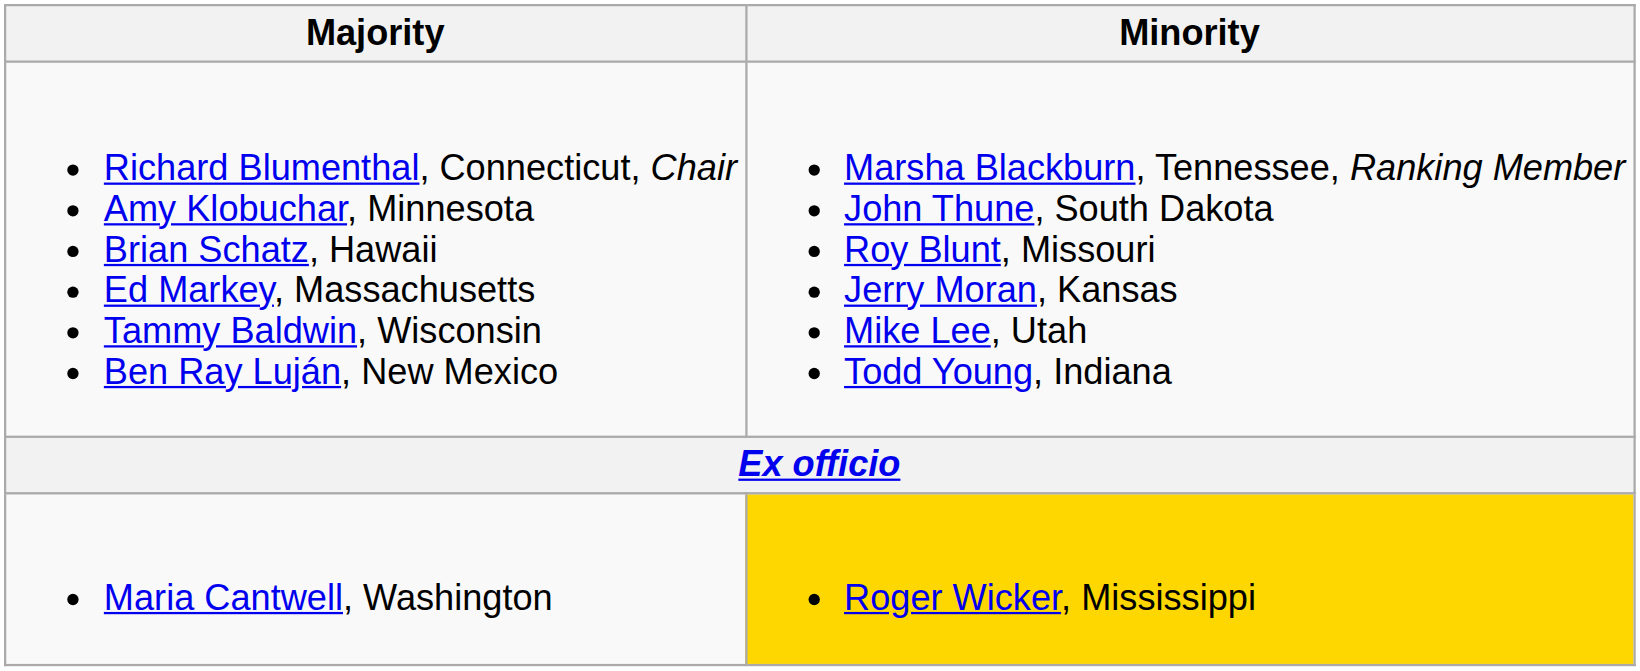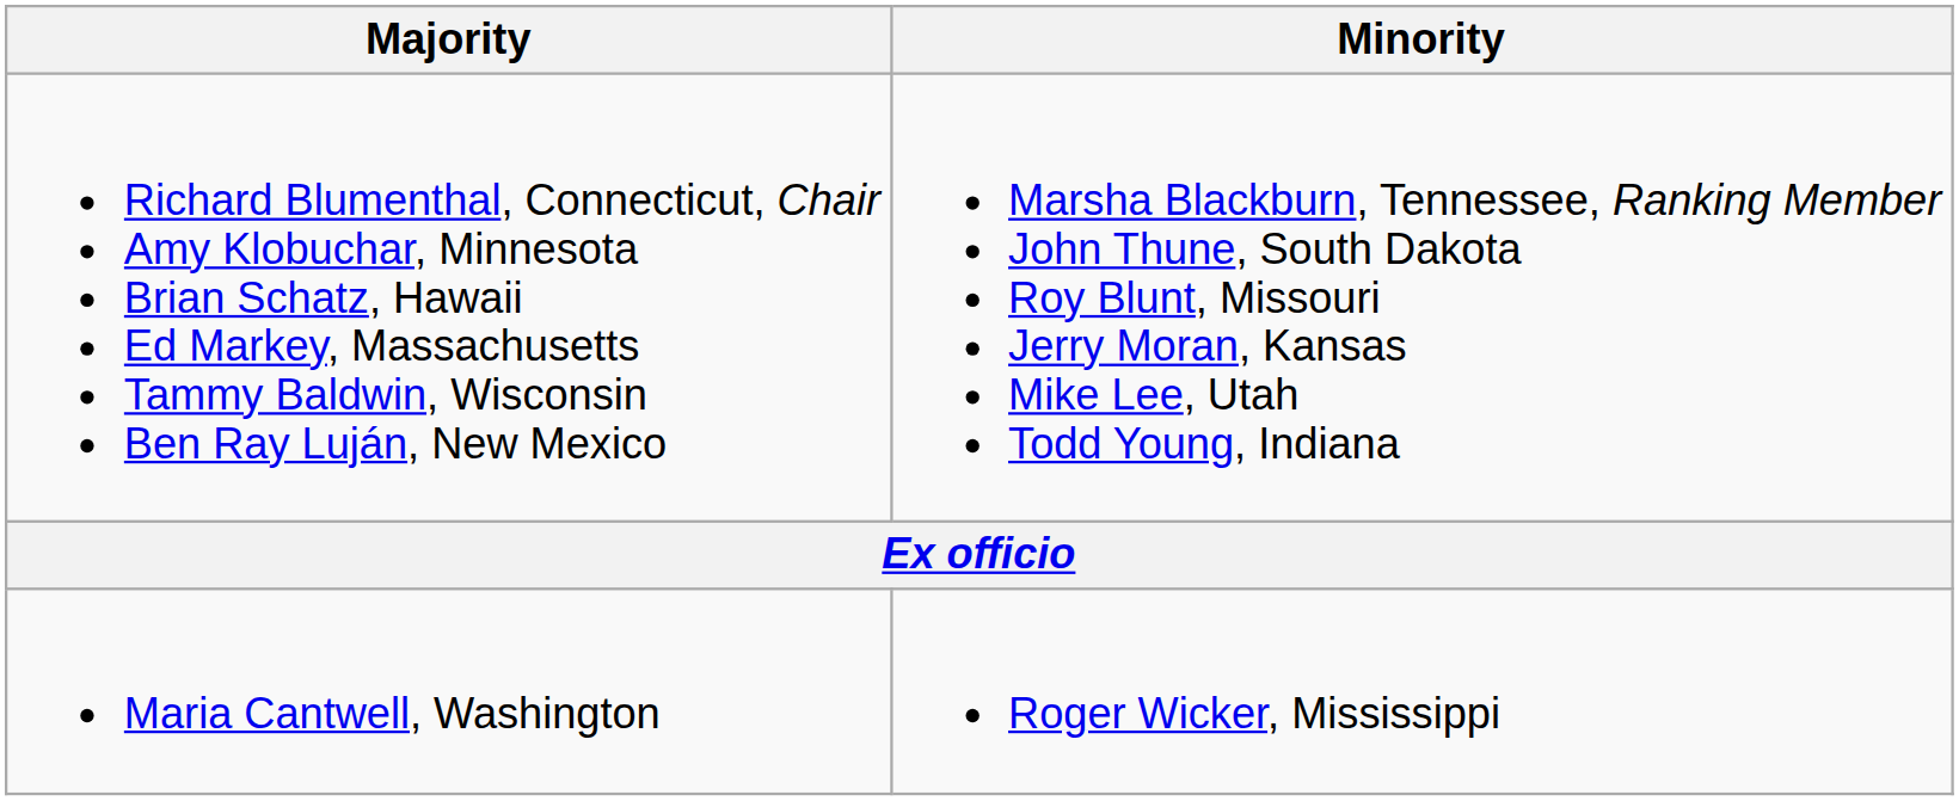 <table class=wikitable>
 <tr>
 <th>Majority</th>
 <th>Minority</th>
 </tr>
 <tr>
 <td><br><ul><li><a href='#'>Richard Blumenthal</a>, Connecticut, <em>Chair</em></li><li><a href='#'>Amy Klobuchar</a>, Minnesota</li><li><a href='#'>Brian Schatz</a>, Hawaii</li><li><a href='#'>Ed Markey</a>, Massachusetts</li><li><a href='#'>Tammy Baldwin</a>, Wisconsin</li><li><a href='#'>Ben Ray Luján</a>, New Mexico</li></ul></td>
 <td><br><ul><li><a href='#'>Marsha Blackburn</a>, Tennessee, <em>Ranking Member</em></li><li><a href='#'>John Thune</a>, South Dakota</li><li><a href='#'>Roy Blunt</a>, Missouri</li><li><a href='#'>Jerry Moran</a>, Kansas</li><li><a href='#'>Mike Lee</a>, Utah</li><li><a href='#'>Todd Young</a>, Indiana</li></ul></td>
 </tr>
 <tr>
 <th colspan=2><em><a href='#'>Ex officio</a></em></th>
 </tr>
 <tr>
 <td><br><ul><li><a href='#'>Maria Cantwell</a>, Washington</li></ul></td>
-<td style="background: gold;"><br><ul><li><a href='#'>Roger Wicker</a>, Mississippi</li></ul></td>
+<td><br><ul><li><a href='#'>Roger Wicker</a>, Mississippi</li></ul></td>
 </tr>
 </table>
